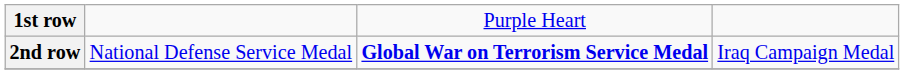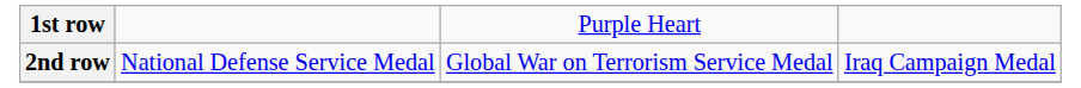 <table class="wikitable" style="margin:1em auto; text-align:center;">
 <tr>
 <th>1st row</th>
 <td></td>
 <td><a href='#'>Purple Heart</a></td>
 <td></td>
 </tr>
 <tr>
 <th>2nd row</th>
 <td><a href='#'>National Defense Service Medal</a></td>
-<td><strong><a href='#'>Global War on Terrorism Service Medal</a></strong></td>
+<td><a href='#'>Global War on Terrorism Service Medal</a></td>
 <td><a href='#'>Iraq Campaign Medal</a></td>
 </tr>
 <tr>
 </tr>
 </table>
